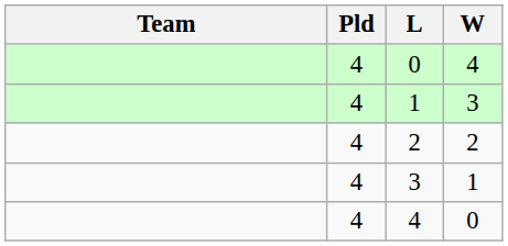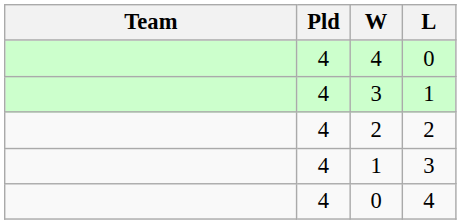 <table class=wikitable style="text-align:center">
 <tr>
 <th width=200>Team</th>
 <th width=30>Pld</th>
+<th width=30>W</th>
 <th width=30>L</th>
-<th width=30>W</th>
 </tr>
 <tr style=background:#ccffcc>
 <td style="text-align:left"></td>
 <td>4</td>
+<td>4</td>
 <td>0</td>
-<td>4</td>
 </tr>
 <tr style=background:#ccffcc>
 <td style="text-align:left"></td>
 <td>4</td>
+<td>3</td>
 <td>1</td>
-<td>3</td>
 </tr>
 <tr>
 <td style="text-align:left"></td>
 <td>4</td>
 <td>2</td>
 <td>2</td>
 </tr>
 <tr>
 <td style="text-align:left"></td>
 <td>4</td>
+<td>1</td>
 <td>3</td>
-<td>1</td>
 </tr>
 <tr>
 <td style="text-align:left"></td>
 <td>4</td>
+<td>0</td>
 <td>4</td>
-<td>0</td>
 </tr>
 </table>
